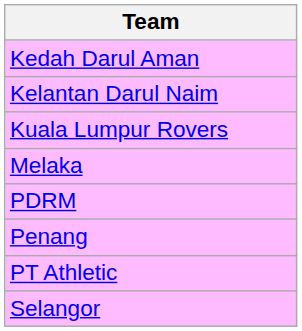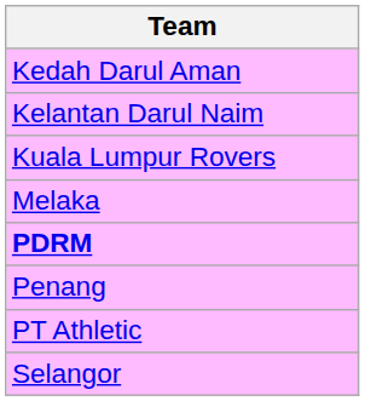 <table class="wikitable">
 <tr>
 <th width=200>Team</th>
 </tr>
 <tr bgcolor=#FFBBFF>
 <td><a href='#'>Kedah Darul Aman</a></td>
 </tr>
 <tr bgcolor=#FFBBFF>
 <td><a href='#'>Kelantan Darul Naim</a></td>
 </tr>
 <tr bgcolor=#FFBBFF>
 <td><a href='#'>Kuala Lumpur Rovers</a></td>
 </tr>
 <tr bgcolor=#FFBBFF>
 <td><a href='#'>Melaka</a></td>
 </tr>
 <tr bgcolor=#FFBBFF>
-<td><a href='#'>PDRM</a></td>
+<td><strong><a href='#'>PDRM</a></strong></td>
 </tr>
 <tr bgcolor=#FFBBFF>
 <td><a href='#'>Penang</a></td>
 </tr>
 <tr bgcolor=#FFBBFF>
 <td><a href='#'>PT Athletic</a></td>
 </tr>
 <tr bgcolor=#FFBBFF>
 <td><a href='#'>Selangor</a></td>
 </tr>
 </table>
